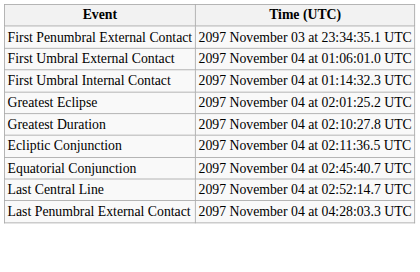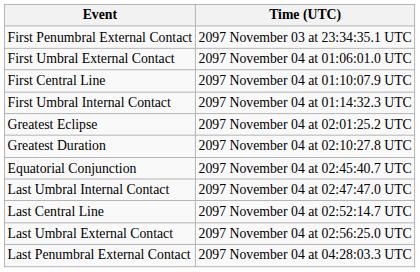 <table class="wikitable">
 <tr>
 <th>Event</th>
 <th>Time (UTC)</th>
 </tr>
 <tr>
 <td>First Penumbral External Contact</td>
 <td>2097 November 03 at 23:34:35.1 UTC</td>
 </tr>
 <tr>
 <td>First Umbral External Contact</td>
 <td>2097 November 04 at 01:06:01.0 UTC</td>
 </tr>
 <tr>
+<td>First Central Line</td>
+<td>2097 November 04 at 01:10:07.9 UTC</td>
+</tr>
+<tr>
 <td>First Umbral Internal Contact</td>
 <td>2097 November 04 at 01:14:32.3 UTC</td>
 </tr>
 <tr>
 <td>Greatest Eclipse</td>
 <td>2097 November 04 at 02:01:25.2 UTC</td>
 </tr>
 <tr>
 <td>Greatest Duration</td>
 <td>2097 November 04 at 02:10:27.8 UTC</td>
 </tr>
 <tr>
-<td>Ecliptic Conjunction</td>
-<td>2097 November 04 at 02:11:36.5 UTC</td>
+<td>Equatorial Conjunction</td>
+<td>2097 November 04 at 02:45:40.7 UTC</td>
 </tr>
 <tr>
-<td>Equatorial Conjunction</td>
-<td>2097 November 04 at 02:45:40.7 UTC</td>
+<td>Last Umbral Internal Contact</td>
+<td>2097 November 04 at 02:47:47.0 UTC</td>
 </tr>
 <tr>
 <td>Last Central Line</td>
 <td>2097 November 04 at 02:52:14.7 UTC</td>
 </tr>
 <tr>
+<td>Last Umbral External Contact</td>
+<td>2097 November 04 at 02:56:25.0 UTC</td>
+</tr>
+<tr>
 <td>Last Penumbral External Contact</td>
 <td>2097 November 04 at 04:28:03.3 UTC</td>
 </tr>
 </table>
